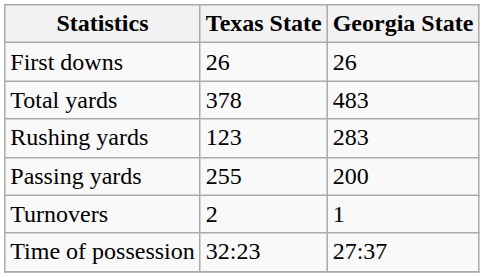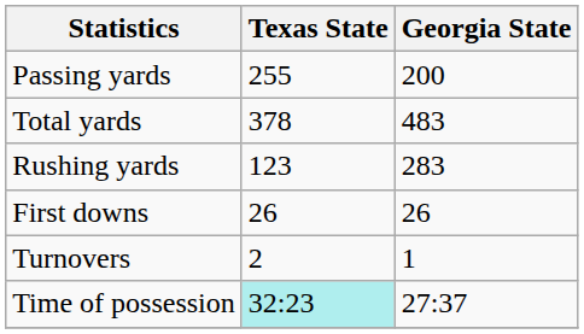 <table class="wikitable">
 <tr>
 <th>Statistics</th>
 <th>Texas State</th>
 <th>Georgia State</th>
 </tr>
 <tr>
-<td>First downs</td>
-<td>26</td>
-<td>26</td>
+<td>Passing yards</td>
+<td>255</td>
+<td>200</td>
 </tr>
 <tr>
 <td>Total yards</td>
 <td>378</td>
 <td>483</td>
 </tr>
 <tr>
 <td>Rushing yards</td>
 <td>123</td>
 <td>283</td>
 </tr>
 <tr>
-<td>Passing yards</td>
-<td>255</td>
-<td>200</td>
+<td>First downs</td>
+<td>26</td>
+<td>26</td>
 </tr>
 <tr>
 <td>Turnovers</td>
 <td>2</td>
 <td>1</td>
 </tr>
 <tr>
 <td>Time of possession</td>
-<td>32:23</td>
+<td style="background: paleturquoise;">32:23</td>
 <td>27:37</td>
 </tr>
 <tr>
 </tr>
 </table>
